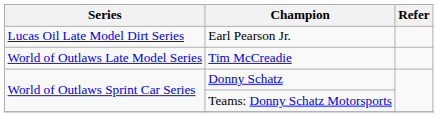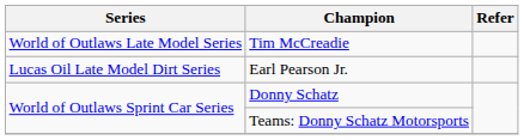 <table class="wikitable" style="font-size:87%;">
 <tr>
 <th>Series</th>
 <th>Champion</th>
 <th>Refer</th>
 </tr>
 <tr>
-<td><a href='#'>Lucas Oil Late Model Dirt Series</a></td>
-<td> Earl Pearson Jr.</td>
+<td><a href='#'>World of Outlaws Late Model Series</a></td>
+<td> <a href='#'>Tim McCreadie</a></td>
 <td></td>
 </tr>
 <tr>
-<td><a href='#'>World of Outlaws Late Model Series</a></td>
-<td> <a href='#'>Tim McCreadie</a></td>
+<td><a href='#'>Lucas Oil Late Model Dirt Series</a></td>
+<td> Earl Pearson Jr.</td>
 <td></td>
 </tr>
 <tr>
 <td rowspan=2><a href='#'>World of Outlaws Sprint Car Series</a></td>
 <td> <a href='#'>Donny Schatz</a></td>
 <td rowspan=2></td>
 </tr>
 <tr>
 <td>Teams:  <a href='#'>Donny Schatz Motorsports</a></td>
 </tr>
 <tr>
 </tr>
 </table>
